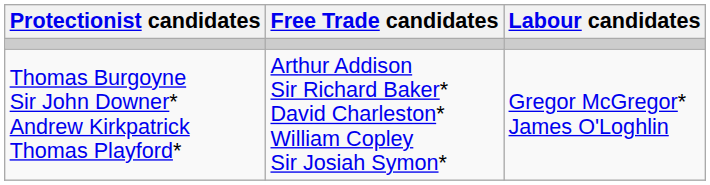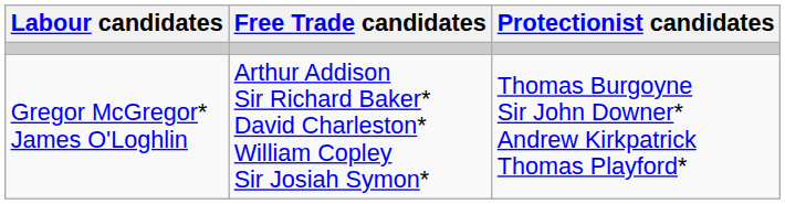 <table class="wikitable">
 <tr>
+<th><a href='#'>Labour</a> candidates</th>
+<th><a href='#'>Free Trade</a> candidates</th>
 <th><a href='#'>Protectionist</a> candidates</th>
-<th><a href='#'>Free Trade</a> candidates</th>
-<th><a href='#'>Labour</a> candidates</th>
 </tr>
 <tr bgcolor="#cccccc">
 <td></td>
 <td></td>
 <td></td>
 </tr>
 <tr>
+<td><a href='#'>Gregor McGregor</a>*<br><a href='#'>James O'Loghlin</a></td>
+<td><a href='#'>Arthur Addison</a><br><a href='#'>Sir Richard Baker</a>*<br><a href='#'>David Charleston</a>*<br><a href='#'>William Copley</a><br><a href='#'>Sir Josiah Symon</a>*</td>
 <td><a href='#'>Thomas Burgoyne</a><br><a href='#'>Sir John Downer</a>*<br><a href='#'>Andrew Kirkpatrick</a><br><a href='#'>Thomas Playford</a>*</td>
-<td><a href='#'>Arthur Addison</a><br><a href='#'>Sir Richard Baker</a>*<br><a href='#'>David Charleston</a>*<br><a href='#'>William Copley</a><br><a href='#'>Sir Josiah Symon</a>*</td>
-<td><a href='#'>Gregor McGregor</a>*<br><a href='#'>James O'Loghlin</a></td>
 </tr>
 </table>
